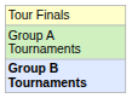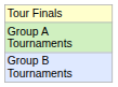 <table class="wikitable" style="font-size:90%;" width=11%>
 <tr bgcolor="#ffffcc">
 <td>Tour Finals</td>
 </tr>
 <tr style="background:#d0f0c0;">
 <td>Group A Tournaments</td>
 </tr>
 <tr style="background:#DFE9FF;">
-<td><strong>Group B Tournaments</strong></td>
+<td>Group B Tournaments</td>
 </tr>
 </table>
